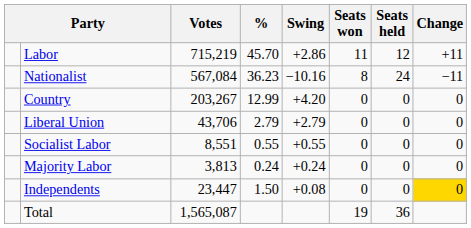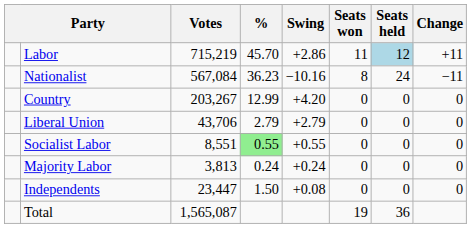 <table class="wikitable">
 <tr>
 <th colspan=2 style="width:180px">Party</th>
 <th style="width:70px">Votes</th>
 <th style="width:40px">%</th>
 <th style="width:40px">Swing</th>
 <th style="width:40px">Seats won</th>
 <th style="width:40px">Seats held</th>
 <th style="width:40px">Change</th>
 </tr>
 <tr>
 <td> </td>
 <td><a href='#'>Labor</a></td>
 <td align=right>715,219</td>
 <td align=right>45.70</td>
 <td align=right>+2.86</td>
 <td align=right>11</td>
-<td align=right>12</td>
+<td align=right style="background: lightblue;">12</td>
 <td align=right>+11</td>
 </tr>
 <tr>
 <td> </td>
 <td><a href='#'>Nationalist</a></td>
 <td align=right>567,084</td>
 <td align=right>36.23</td>
 <td align=right>−10.16</td>
 <td align=right>8</td>
 <td align=right>24</td>
 <td align=right>−11</td>
 </tr>
 <tr>
 <td> </td>
 <td><a href='#'>Country</a></td>
 <td align=right>203,267</td>
 <td align=right>12.99</td>
 <td align=right>+4.20</td>
 <td align=right>0</td>
 <td align=right>0</td>
 <td align=right>0</td>
 </tr>
 <tr>
 <td> </td>
 <td><a href='#'>Liberal Union</a></td>
 <td align=right>43,706</td>
 <td align=right>2.79</td>
 <td align=right>+2.79</td>
 <td align=right>0</td>
 <td align=right>0</td>
 <td align=right>0</td>
 </tr>
 <tr>
 <td> </td>
 <td><a href='#'>Socialist Labor</a></td>
 <td align=right>8,551</td>
-<td align=right>0.55</td>
+<td align=right style="background: lightgreen;">0.55</td>
 <td align=right>+0.55</td>
 <td align=right>0</td>
 <td align=right>0</td>
 <td align=right>0</td>
 </tr>
 <tr>
 <td> </td>
 <td><a href='#'>Majority Labor</a></td>
 <td align=right>3,813</td>
 <td align=right>0.24</td>
 <td align=right>+0.24</td>
 <td align=right>0</td>
 <td align=right>0</td>
 <td align=right>0</td>
 </tr>
 <tr>
 <td> </td>
 <td><a href='#'>Independents</a></td>
 <td align=right>23,447</td>
 <td align=right>1.50</td>
 <td align=right>+0.08</td>
 <td align=right>0</td>
 <td align=right>0</td>
-<td align=right style="background: gold;">0</td>
+<td align=right>0</td>
 </tr>
 <tr>
 <td> </td>
 <td>Total</td>
 <td align=right>1,565,087</td>
 <td align=right> </td>
 <td align=right> </td>
 <td align=right>19</td>
 <td align=right>36</td>
 <td align=right></td>
 </tr>
 </table>
